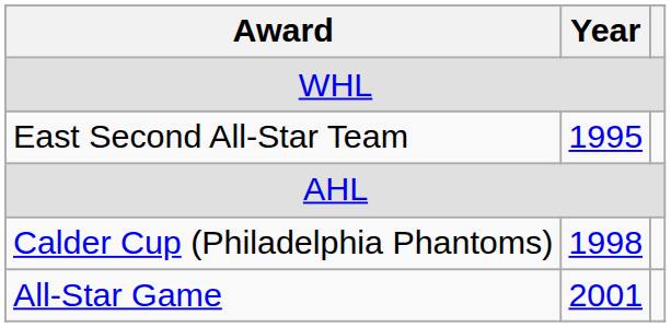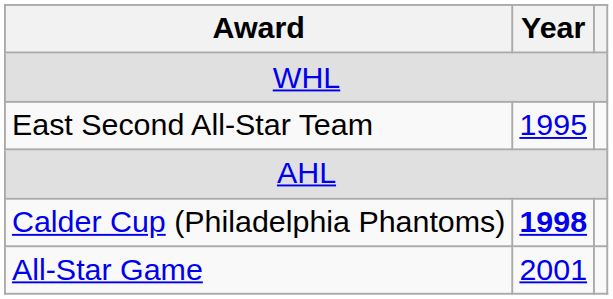 <table class="wikitable">
 <tr>
 <th>Award</th>
 <th>Year</th>
 <th></th>
 </tr>
 <tr ALIGN="center" bgcolor="#e0e0e0">
 <td colspan="3"><a href='#'>WHL</a></td>
 </tr>
 <tr>
 <td>East Second All-Star Team</td>
 <td><a href='#'>1995</a></td>
 <td></td>
 </tr>
 <tr ALIGN="center" bgcolor="#e0e0e0">
 <td colspan="3"><a href='#'>AHL</a></td>
 </tr>
 <tr>
 <td><a href='#'>Calder Cup</a> (Philadelphia Phantoms)</td>
-<td><a href='#'>1998</a></td>
+<td><strong><a href='#'>1998</a></strong></td>
 <td></td>
 </tr>
 <tr>
 <td><a href='#'>All-Star Game</a></td>
 <td><a href='#'>2001</a></td>
 <td></td>
 </tr>
 </table>
